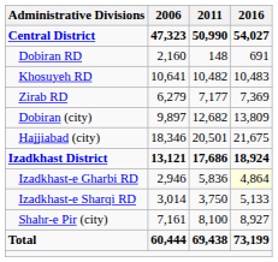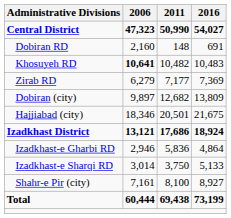 <table class="wikitable">
 <tr>
 <th>Administrative Divisions</th>
 <th>2006</th>
 <th>2011</th>
 <th>2016</th>
 </tr>
 <tr>
 <td><strong><a href='#'>Central District</a></strong></td>
 <td style="text-align: right;"><strong>47,323</strong></td>
 <td style="text-align: right;"><strong>50,990</strong></td>
 <td style="text-align: right;"><strong>54,027</strong></td>
 </tr>
 <tr>
 <td style="padding-left: 1em;"><a href='#'>Dobiran RD</a></td>
 <td style="text-align: right;">2,160</td>
 <td style="text-align: right;">148</td>
 <td style="text-align: right;">691</td>
 </tr>
 <tr>
 <td style="padding-left: 1em;"><a href='#'>Khosuyeh RD</a></td>
-<td style="text-align: right;">10,641</td>
+<td style="text-align: right;"><strong>10,641</strong></td>
 <td style="text-align: right;">10,482</td>
 <td style="text-align: right;">10,483</td>
 </tr>
 <tr>
 <td style="padding-left: 1em;"><a href='#'>Zirab RD</a></td>
 <td style="text-align: right;">6,279</td>
 <td style="text-align: right;">7,177</td>
 <td style="text-align: right;">7,369</td>
 </tr>
 <tr>
 <td style="padding-left: 1em;"><a href='#'>Dobiran</a> (city)</td>
 <td style="text-align: right;">9,897</td>
 <td style="text-align: right;">12,682</td>
 <td style="text-align: right;">13,809</td>
 </tr>
 <tr>
 <td style="padding-left: 1em;"><a href='#'>Hajjiabad</a> (city)</td>
 <td style="text-align: right;">18,346</td>
 <td style="text-align: right;">20,501</td>
 <td style="text-align: right;">21,675</td>
 </tr>
 <tr>
 <td><strong><a href='#'>Izadkhast District</a></strong></td>
 <td style="text-align: right;"><strong>13,121</strong></td>
 <td style="text-align: right;"><strong>17,686</strong></td>
 <td style="text-align: right;"><strong>18,924</strong></td>
 </tr>
 <tr>
 <td style="padding-left: 1em;"><a href='#'>Izadkhast-e Gharbi RD</a></td>
 <td style="text-align: right;">2,946</td>
 <td style="text-align: right;">5,836</td>
-<td style="background: lightyellow; text-align: right;">4,864</td>
+<td style="text-align: right;">4,864</td>
 </tr>
 <tr>
 <td style="padding-left: 1em;"><a href='#'>Izadkhast-e Sharqi RD</a></td>
 <td style="text-align: right;">3,014</td>
 <td style="text-align: right;">3,750</td>
 <td style="text-align: right;">5,133</td>
 </tr>
 <tr>
 <td style="padding-left: 1em;"><a href='#'>Shahr-e Pir</a> (city)</td>
 <td style="text-align: right;">7,161</td>
 <td style="text-align: right;">8,100</td>
 <td style="text-align: right;">8,927</td>
 </tr>
 <tr>
 <td><strong>Total</strong></td>
 <td style="text-align: right;"><strong>60,444</strong></td>
 <td style="text-align: right;"><strong>69,438</strong></td>
 <td style="text-align: right;"><strong>73,199</strong></td>
 </tr>
 <tr>
 <td colspan=4></td>
 </tr>
 </table>
